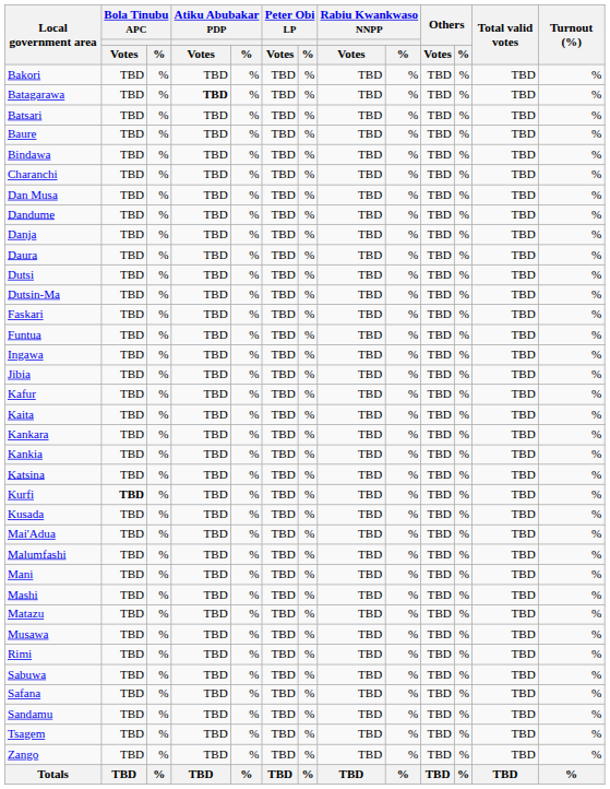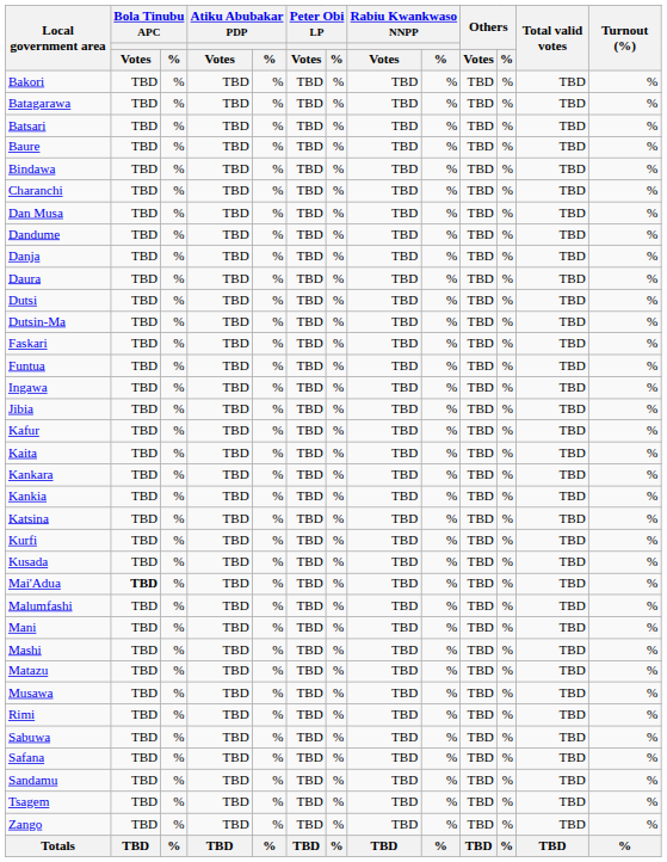 <table class="wikitable sortable" style="text-align:right; font-size:90%">
 <tr>
 <th rowspan="3" style="max-width:7.5em;">Local government area</th>
 <th colspan="2"><a href='#'>Bola Tinubu</a><br><small>APC</small></th>
 <th colspan="2"><a href='#'>Atiku Abubakar</a><br><small>PDP</small></th>
 <th colspan="2"><a href='#'>Peter Obi</a><br><small>LP</small></th>
 <th colspan="2"><a href='#'>Rabiu Kwankwaso</a><br><small>NNPP</small></th>
 <th colspan="2" rowspan="2">Others</th>
 <th rowspan="3" style="max-width:5em;">Total valid votes</th>
 <th rowspan="3" style="max-width:5em;">Turnout (%)</th>
 </tr>
 <tr>
 <th colspan=2 style="background-color:"></th>
 <th colspan=2 style="background-color:"></th>
 <th colspan=2 style="background-color:"></th>
 <th colspan=2 style="background-color:"></th>
 </tr>
 <tr>
 <th>Votes</th>
 <th>%</th>
 <th>Votes</th>
 <th>%</th>
 <th>Votes</th>
 <th>%</th>
 <th>Votes</th>
 <th>%</th>
 <th>Votes</th>
 <th>%</th>
 </tr>
 <tr style="background-color:#">
 <td style="text-align:left;"><a href='#'>Bakori</a></td>
 <td>TBD</td>
 <td>%</td>
 <td>TBD</td>
 <td>%</td>
 <td>TBD</td>
 <td>%</td>
 <td>TBD</td>
 <td>%</td>
 <td>TBD</td>
 <td>%</td>
 <td>TBD</td>
 <td>%</td>
 </tr>
 <tr style="background-color:#">
 <td style="text-align:left;"><a href='#'>Batagarawa</a></td>
 <td>TBD</td>
 <td>%</td>
-<td><strong>TBD</strong></td>
+<td>TBD</td>
 <td>%</td>
 <td>TBD</td>
 <td>%</td>
 <td>TBD</td>
 <td>%</td>
 <td>TBD</td>
 <td>%</td>
 <td>TBD</td>
 <td>%</td>
 </tr>
 <tr style="background-color:#">
 <td style="text-align:left;"><a href='#'>Batsari</a></td>
 <td>TBD</td>
 <td>%</td>
 <td>TBD</td>
 <td>%</td>
 <td>TBD</td>
 <td>%</td>
 <td>TBD</td>
 <td>%</td>
 <td>TBD</td>
 <td>%</td>
 <td>TBD</td>
 <td>%</td>
 </tr>
 <tr style="background-color:#">
 <td style="text-align:left;"><a href='#'>Baure</a></td>
 <td>TBD</td>
 <td>%</td>
 <td>TBD</td>
 <td>%</td>
 <td>TBD</td>
 <td>%</td>
 <td>TBD</td>
 <td>%</td>
 <td>TBD</td>
 <td>%</td>
 <td>TBD</td>
 <td>%</td>
 </tr>
 <tr style="background-color:#">
 <td style="text-align:left;"><a href='#'>Bindawa</a></td>
 <td>TBD</td>
 <td>%</td>
 <td>TBD</td>
 <td>%</td>
 <td>TBD</td>
 <td>%</td>
 <td>TBD</td>
 <td>%</td>
 <td>TBD</td>
 <td>%</td>
 <td>TBD</td>
 <td>%</td>
 </tr>
 <tr style="background-color:#">
 <td style="text-align:left;"><a href='#'>Charanchi</a></td>
 <td>TBD</td>
 <td>%</td>
 <td>TBD</td>
 <td>%</td>
 <td>TBD</td>
 <td>%</td>
 <td>TBD</td>
 <td>%</td>
 <td>TBD</td>
 <td>%</td>
 <td>TBD</td>
 <td>%</td>
 </tr>
 <tr style="background-color:#">
 <td style="text-align:left;"><a href='#'>Dan Musa</a></td>
 <td>TBD</td>
 <td>%</td>
 <td>TBD</td>
 <td>%</td>
 <td>TBD</td>
 <td>%</td>
 <td>TBD</td>
 <td>%</td>
 <td>TBD</td>
 <td>%</td>
 <td>TBD</td>
 <td>%</td>
 </tr>
 <tr style="background-color:#">
 <td style="text-align:left;"><a href='#'>Dandume</a></td>
 <td>TBD</td>
 <td>%</td>
 <td>TBD</td>
 <td>%</td>
 <td>TBD</td>
 <td>%</td>
 <td>TBD</td>
 <td>%</td>
 <td>TBD</td>
 <td>%</td>
 <td>TBD</td>
 <td>%</td>
 </tr>
 <tr style="background-color:#">
 <td style="text-align:left;"><a href='#'>Danja</a></td>
 <td>TBD</td>
 <td>%</td>
 <td>TBD</td>
 <td>%</td>
 <td>TBD</td>
 <td>%</td>
 <td>TBD</td>
 <td>%</td>
 <td>TBD</td>
 <td>%</td>
 <td>TBD</td>
 <td>%</td>
 </tr>
 <tr style="background-color:#">
 <td style="text-align:left;"><a href='#'>Daura</a></td>
 <td>TBD</td>
 <td>%</td>
 <td>TBD</td>
 <td>%</td>
 <td>TBD</td>
 <td>%</td>
 <td>TBD</td>
 <td>%</td>
 <td>TBD</td>
 <td>%</td>
 <td>TBD</td>
 <td>%</td>
 </tr>
 <tr style="background-color:#">
 <td style="text-align:left;"><a href='#'>Dutsi</a></td>
 <td>TBD</td>
 <td>%</td>
 <td>TBD</td>
 <td>%</td>
 <td>TBD</td>
 <td>%</td>
 <td>TBD</td>
 <td>%</td>
 <td>TBD</td>
 <td>%</td>
 <td>TBD</td>
 <td>%</td>
 </tr>
 <tr style="background-color:#">
 <td style="text-align:left;"><a href='#'>Dutsin-Ma</a></td>
 <td>TBD</td>
 <td>%</td>
 <td>TBD</td>
 <td>%</td>
 <td>TBD</td>
 <td>%</td>
 <td>TBD</td>
 <td>%</td>
 <td>TBD</td>
 <td>%</td>
 <td>TBD</td>
 <td>%</td>
 </tr>
 <tr style="background-color:#">
 <td style="text-align:left;"><a href='#'>Faskari</a></td>
 <td>TBD</td>
 <td>%</td>
 <td>TBD</td>
 <td>%</td>
 <td>TBD</td>
 <td>%</td>
 <td>TBD</td>
 <td>%</td>
 <td>TBD</td>
 <td>%</td>
 <td>TBD</td>
 <td>%</td>
 </tr>
 <tr style="background-color:#">
 <td style="text-align:left;"><a href='#'>Funtua</a></td>
 <td>TBD</td>
 <td>%</td>
 <td>TBD</td>
 <td>%</td>
 <td>TBD</td>
 <td>%</td>
 <td>TBD</td>
 <td>%</td>
 <td>TBD</td>
 <td>%</td>
 <td>TBD</td>
 <td>%</td>
 </tr>
 <tr style="background-color:#">
 <td style="text-align:left;"><a href='#'>Ingawa</a></td>
 <td>TBD</td>
 <td>%</td>
 <td>TBD</td>
 <td>%</td>
 <td>TBD</td>
 <td>%</td>
 <td>TBD</td>
 <td>%</td>
 <td>TBD</td>
 <td>%</td>
 <td>TBD</td>
 <td>%</td>
 </tr>
 <tr style="background-color:#">
 <td style="text-align:left;"><a href='#'>Jibia</a></td>
 <td>TBD</td>
 <td>%</td>
 <td>TBD</td>
 <td>%</td>
 <td>TBD</td>
 <td>%</td>
 <td>TBD</td>
 <td>%</td>
 <td>TBD</td>
 <td>%</td>
 <td>TBD</td>
 <td>%</td>
 </tr>
 <tr style="background-color:#">
 <td style="text-align:left;"><a href='#'>Kafur</a></td>
 <td>TBD</td>
 <td>%</td>
 <td>TBD</td>
 <td>%</td>
 <td>TBD</td>
 <td>%</td>
 <td>TBD</td>
 <td>%</td>
 <td>TBD</td>
 <td>%</td>
 <td>TBD</td>
 <td>%</td>
 </tr>
 <tr style="background-color:#">
 <td style="text-align:left;"><a href='#'>Kaita</a></td>
 <td>TBD</td>
 <td>%</td>
 <td>TBD</td>
 <td>%</td>
 <td>TBD</td>
 <td>%</td>
 <td>TBD</td>
 <td>%</td>
 <td>TBD</td>
 <td>%</td>
 <td>TBD</td>
 <td>%</td>
 </tr>
 <tr style="background-color:#">
 <td style="text-align:left;"><a href='#'>Kankara</a></td>
 <td>TBD</td>
 <td>%</td>
 <td>TBD</td>
 <td>%</td>
 <td>TBD</td>
 <td>%</td>
 <td>TBD</td>
 <td>%</td>
 <td>TBD</td>
 <td>%</td>
 <td>TBD</td>
 <td>%</td>
 </tr>
 <tr style="background-color:#">
 <td style="text-align:left;"><a href='#'>Kankia</a></td>
 <td>TBD</td>
 <td>%</td>
 <td>TBD</td>
 <td>%</td>
 <td>TBD</td>
 <td>%</td>
 <td>TBD</td>
 <td>%</td>
 <td>TBD</td>
 <td>%</td>
 <td>TBD</td>
 <td>%</td>
 </tr>
 <tr style="background-color:#">
 <td style="text-align:left;"><a href='#'>Katsina</a></td>
 <td>TBD</td>
 <td>%</td>
 <td>TBD</td>
 <td>%</td>
 <td>TBD</td>
 <td>%</td>
 <td>TBD</td>
 <td>%</td>
 <td>TBD</td>
 <td>%</td>
 <td>TBD</td>
 <td>%</td>
 </tr>
 <tr style="background-color:#">
 <td style="text-align:left;"><a href='#'>Kurfi</a></td>
-<td><strong>TBD</strong></td>
+<td>TBD</td>
 <td>%</td>
 <td>TBD</td>
 <td>%</td>
 <td>TBD</td>
 <td>%</td>
 <td>TBD</td>
 <td>%</td>
 <td>TBD</td>
 <td>%</td>
 <td>TBD</td>
 <td>%</td>
 </tr>
 <tr style="background-color:#">
 <td style="text-align:left;"><a href='#'>Kusada</a></td>
 <td>TBD</td>
 <td>%</td>
 <td>TBD</td>
 <td>%</td>
 <td>TBD</td>
 <td>%</td>
 <td>TBD</td>
 <td>%</td>
 <td>TBD</td>
 <td>%</td>
 <td>TBD</td>
 <td>%</td>
 </tr>
 <tr style="background-color:#">
 <td style="text-align:left;"><a href='#'>Mai'Adua</a></td>
-<td>TBD</td>
+<td><strong>TBD</strong></td>
 <td>%</td>
 <td>TBD</td>
 <td>%</td>
 <td>TBD</td>
 <td>%</td>
 <td>TBD</td>
 <td>%</td>
 <td>TBD</td>
 <td>%</td>
 <td>TBD</td>
 <td>%</td>
 </tr>
 <tr style="background-color:#">
 <td style="text-align:left;"><a href='#'>Malumfashi</a></td>
 <td>TBD</td>
 <td>%</td>
 <td>TBD</td>
 <td>%</td>
 <td>TBD</td>
 <td>%</td>
 <td>TBD</td>
 <td>%</td>
 <td>TBD</td>
 <td>%</td>
 <td>TBD</td>
 <td>%</td>
 </tr>
 <tr style="background-color:#">
 <td style="text-align:left;"><a href='#'>Mani</a></td>
 <td>TBD</td>
 <td>%</td>
 <td>TBD</td>
 <td>%</td>
 <td>TBD</td>
 <td>%</td>
 <td>TBD</td>
 <td>%</td>
 <td>TBD</td>
 <td>%</td>
 <td>TBD</td>
 <td>%</td>
 </tr>
 <tr style="background-color:#">
 <td style="text-align:left;"><a href='#'>Mashi</a></td>
 <td>TBD</td>
 <td>%</td>
 <td>TBD</td>
 <td>%</td>
 <td>TBD</td>
 <td>%</td>
 <td>TBD</td>
 <td>%</td>
 <td>TBD</td>
 <td>%</td>
 <td>TBD</td>
 <td>%</td>
 </tr>
 <tr style="background-color:#">
 <td style="text-align:left;"><a href='#'>Matazu</a></td>
 <td>TBD</td>
 <td>%</td>
 <td>TBD</td>
 <td>%</td>
 <td>TBD</td>
 <td>%</td>
 <td>TBD</td>
 <td>%</td>
 <td>TBD</td>
 <td>%</td>
 <td>TBD</td>
 <td>%</td>
 </tr>
 <tr style="background-color:#">
 <td style="text-align:left;"><a href='#'>Musawa</a></td>
 <td>TBD</td>
 <td>%</td>
 <td>TBD</td>
 <td>%</td>
 <td>TBD</td>
 <td>%</td>
 <td>TBD</td>
 <td>%</td>
 <td>TBD</td>
 <td>%</td>
 <td>TBD</td>
 <td>%</td>
 </tr>
 <tr style="background-color:#">
 <td style="text-align:left;"><a href='#'>Rimi</a></td>
 <td>TBD</td>
 <td>%</td>
 <td>TBD</td>
 <td>%</td>
 <td>TBD</td>
 <td>%</td>
 <td>TBD</td>
 <td>%</td>
 <td>TBD</td>
 <td>%</td>
 <td>TBD</td>
 <td>%</td>
 </tr>
 <tr style="background-color:#">
 <td style="text-align:left;"><a href='#'>Sabuwa</a></td>
 <td>TBD</td>
 <td>%</td>
 <td>TBD</td>
 <td>%</td>
 <td>TBD</td>
 <td>%</td>
 <td>TBD</td>
 <td>%</td>
 <td>TBD</td>
 <td>%</td>
 <td>TBD</td>
 <td>%</td>
 </tr>
 <tr style="background-color:#">
 <td style="text-align:left;"><a href='#'>Safana</a></td>
 <td>TBD</td>
 <td>%</td>
 <td>TBD</td>
 <td>%</td>
 <td>TBD</td>
 <td>%</td>
 <td>TBD</td>
 <td>%</td>
 <td>TBD</td>
 <td>%</td>
 <td>TBD</td>
 <td>%</td>
 </tr>
 <tr style="background-color:#">
 <td style="text-align:left;"><a href='#'>Sandamu</a></td>
 <td>TBD</td>
 <td>%</td>
 <td>TBD</td>
 <td>%</td>
 <td>TBD</td>
 <td>%</td>
 <td>TBD</td>
 <td>%</td>
 <td>TBD</td>
 <td>%</td>
 <td>TBD</td>
 <td>%</td>
 </tr>
 <tr style="background-color:#">
 <td style="text-align:left;"><a href='#'>Tsagem</a></td>
 <td>TBD</td>
 <td>%</td>
 <td>TBD</td>
 <td>%</td>
 <td>TBD</td>
 <td>%</td>
 <td>TBD</td>
 <td>%</td>
 <td>TBD</td>
 <td>%</td>
 <td>TBD</td>
 <td>%</td>
 </tr>
 <tr style="background-color:#">
 <td style="text-align:left;"><a href='#'>Zango</a></td>
 <td>TBD</td>
 <td>%</td>
 <td>TBD</td>
 <td>%</td>
 <td>TBD</td>
 <td>%</td>
 <td>TBD</td>
 <td>%</td>
 <td>TBD</td>
 <td>%</td>
 <td>TBD</td>
 <td>%</td>
 </tr>
 <tr>
 <th>Totals</th>
 <th>TBD</th>
 <th>%</th>
 <th>TBD</th>
 <th>%</th>
 <th>TBD</th>
 <th>%</th>
 <th>TBD</th>
 <th>%</th>
 <th>TBD</th>
 <th>%</th>
 <th>TBD</th>
 <th>%</th>
 </tr>
 </table>
